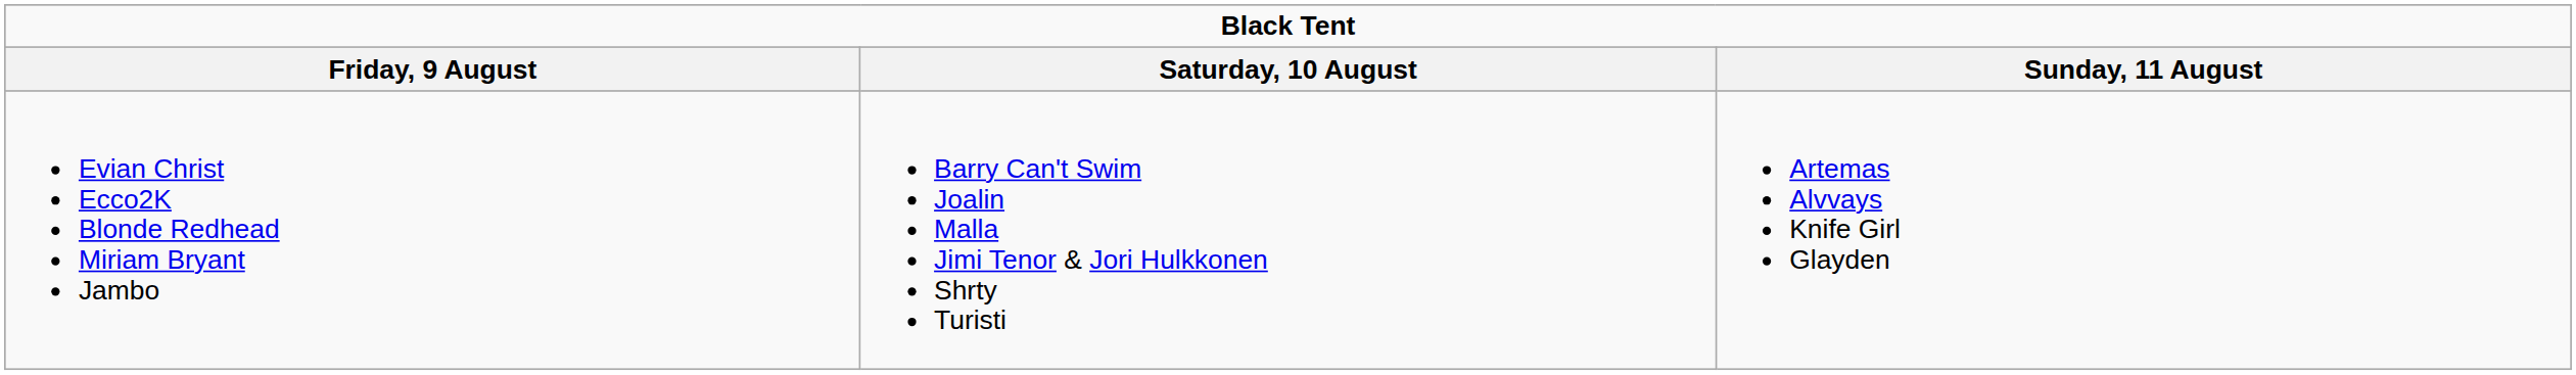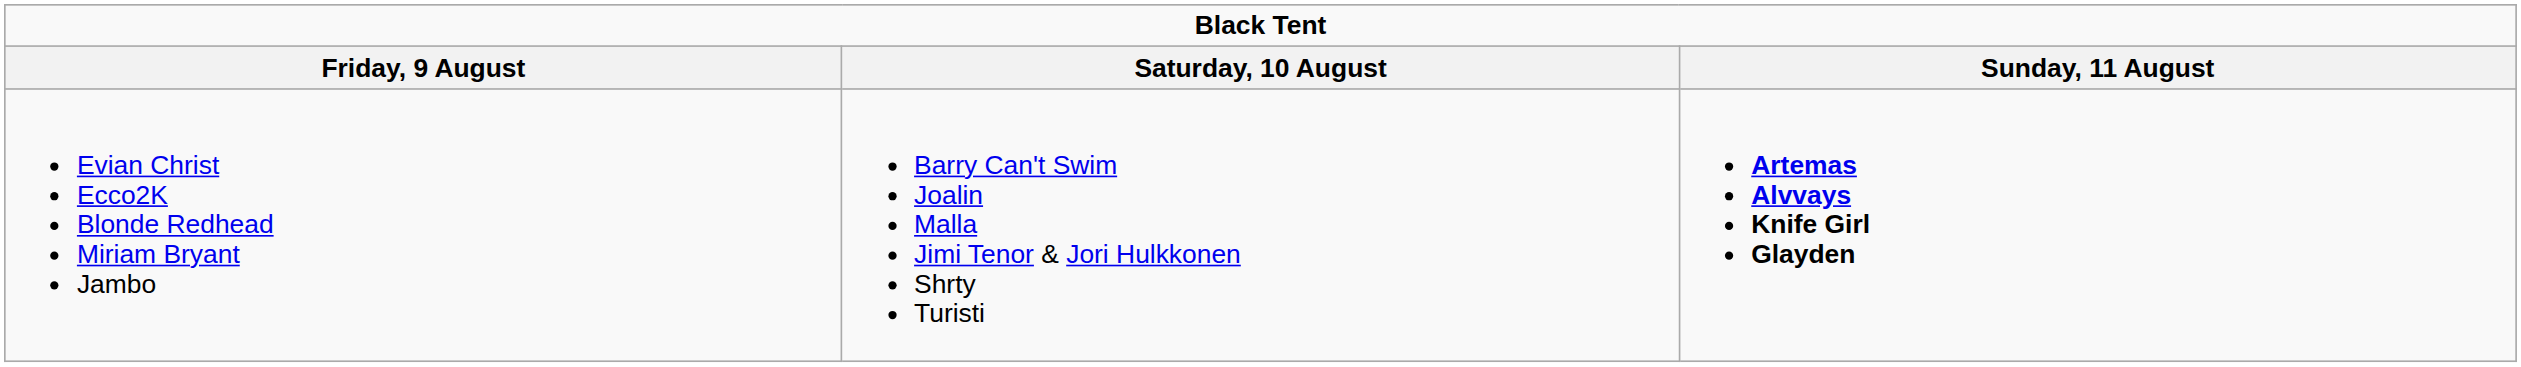 <table class="wikitable">
 <tr>
 <td colspan="4" align="center"><strong>Black Tent</strong></td>
 </tr>
 <tr>
 <th width="500">Friday, 9 August</th>
 <th width="500">Saturday, 10 August</th>
 <th width="500">Sunday, 11 August</th>
 </tr>
 <tr valign="top">
 <td><br><ul><li><a href='#'>Evian Christ</a></li><li><a href='#'>Ecco2K</a></li><li><a href='#'>Blonde Redhead</a></li><li><a href='#'>Miriam Bryant</a></li><li>Jambo</li></ul></td>
 <td><br><ul><li><a href='#'>Barry Can't Swim</a></li><li><a href='#'>Joalin</a></li><li><a href='#'>Malla</a></li><li><a href='#'>Jimi Tenor</a> & <a href='#'>Jori Hulkkonen</a></li><li>Shrty</li><li>Turisti</li></ul></td>
-<td><br><ul><li><a href='#'>Artemas</a></li><li><a href='#'>Alvvays</a></li><li>Knife Girl</li><li>Glayden</li></ul></td>
+<td><strong><br><ul><li><a href='#'>Artemas</a></li><li><a href='#'>Alvvays</a></li><li>Knife Girl</li><li>Glayden</li></ul></strong></td>
 </tr>
 </table>
